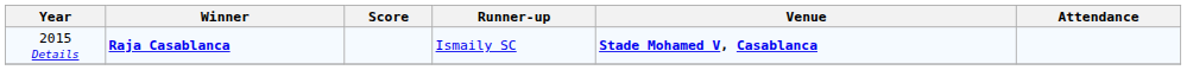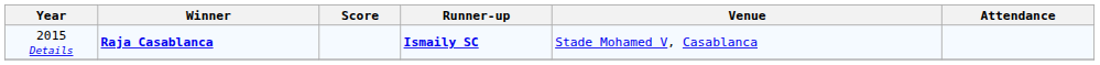 <table class="wikitable" width="90%">
 <tr>
 <th>Year</th>
 <th>Winner</th>
 <th>Score</th>
 <th>Runner-up</th>
 <th>Venue</th>
 <th>Attendance</th>
 </tr>
 <tr bgcolor=#F5FAFF>
 <td align=center>2015<br><small><em><a href='#'>Details</a></em></small></td>
 <td> <strong><a href='#'>Raja Casablanca</a></strong></td>
 <td align=center></td>
-<td> <a href='#'>Ismaily SC</a></td>
-<td><strong><a href='#'>Stade Mohamed V</a>, <a href='#'>Casablanca</a></strong></td>
+<td><strong> <a href='#'>Ismaily SC</a></strong></td>
+<td><a href='#'>Stade Mohamed V</a>, <a href='#'>Casablanca</a></td>
 <td align=center></td>
 </tr>
 <tr bgcolor=#D0E7FF>
 </tr>
 </table>
